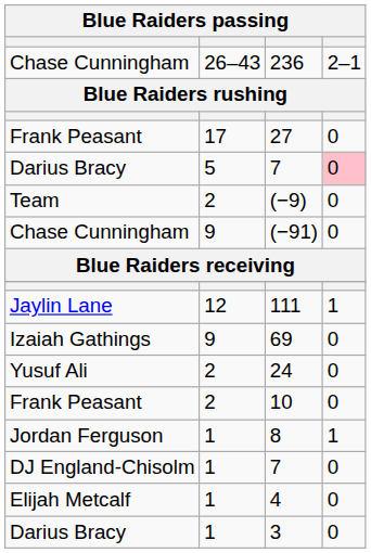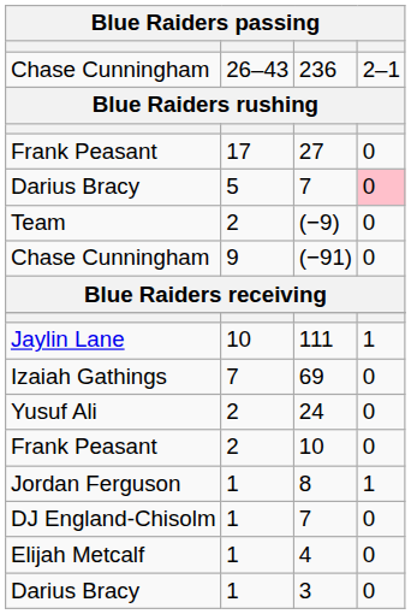 <table class="wikitable plainrowheaders">
 <tr>
 <th colspan="6">Blue Raiders passing</th>
 </tr>
 <tr>
 <th scope="col"></th>
 <th scope="col"></th>
 <th scope="col"></th>
 <th scope="col"></th>
 </tr>
 <tr>
 <td>Chase Cunningham</td>
 <td>26–43</td>
 <td>236</td>
 <td>2–1</td>
 </tr>
 <tr>
 <th colspan="6">Blue Raiders rushing</th>
 </tr>
 <tr>
 <th scope="col"></th>
 <th scope="col"></th>
 <th scope="col"></th>
 <th scope="col"></th>
 </tr>
 <tr>
 <td>Frank Peasant</td>
 <td>17</td>
 <td>27</td>
 <td>0</td>
 </tr>
 <tr>
 <td>Darius Bracy</td>
 <td>5</td>
 <td>7</td>
 <td style="background: pink;">0</td>
 </tr>
 <tr>
 <td>Team</td>
 <td>2</td>
 <td>(−9)</td>
 <td>0</td>
 </tr>
 <tr>
 <td>Chase Cunningham</td>
 <td>9</td>
 <td>(−91)</td>
 <td>0</td>
 </tr>
 <tr>
 <th colspan="6">Blue Raiders receiving</th>
 </tr>
 <tr>
 </tr>
 <tr>
 <th scope="col"></th>
 <th scope="col"></th>
 <th scope="col"></th>
 <th scope="col"></th>
 </tr>
 <tr>
 <td><a href='#'>Jaylin Lane</a></td>
-<td>12</td>
+<td>10</td>
 <td>111</td>
 <td>1</td>
 </tr>
 <tr>
 <td>Izaiah Gathings</td>
-<td>9</td>
+<td>7</td>
 <td>69</td>
 <td>0</td>
 </tr>
 <tr>
 <td>Yusuf Ali</td>
 <td>2</td>
 <td>24</td>
 <td>0</td>
 </tr>
 <tr>
 <td>Frank Peasant</td>
 <td>2</td>
 <td>10</td>
 <td>0</td>
 </tr>
 <tr>
 <td>Jordan Ferguson</td>
 <td>1</td>
 <td>8</td>
 <td>1</td>
 </tr>
 <tr>
 <td>DJ England-Chisolm</td>
 <td>1</td>
 <td>7</td>
 <td>0</td>
 </tr>
 <tr>
 <td>Elijah Metcalf</td>
 <td>1</td>
 <td>4</td>
 <td>0</td>
 </tr>
 <tr>
 <td>Darius Bracy</td>
 <td>1</td>
 <td>3</td>
 <td>0</td>
 </tr>
 </table>
